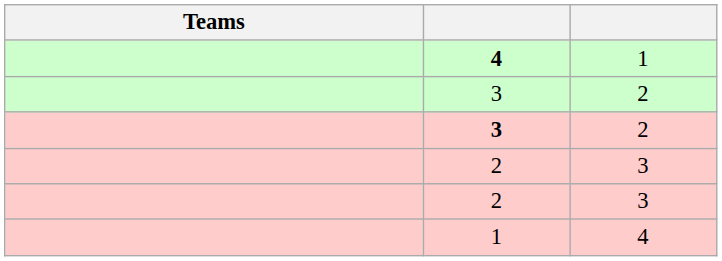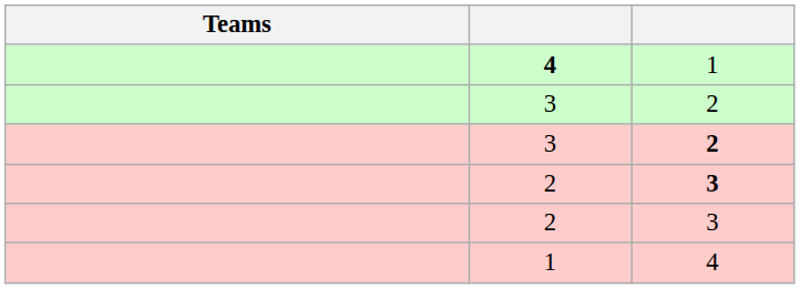 <table class="wikitable" width="40%" style="text-align:center;">
 <tr>
 <th width="20%">Teams</th>
 <th width="7%"></th>
 <th width="7%"></th>
 </tr>
 <tr bgcolor="#cfc">
 <td align=left></td>
 <td><strong>4</strong></td>
 <td>1</td>
 </tr>
 <tr bgcolor="#cfc">
 <td align=left></td>
 <td>3</td>
 <td>2</td>
 </tr>
 <tr bgcolor="#fcc">
 <td align=left></td>
-<td><strong>3</strong></td>
-<td>2</td>
+<td>3</td>
+<td><strong>2</strong></td>
 </tr>
 <tr bgcolor="#fcc">
 <td align=left></td>
 <td>2</td>
-<td>3</td>
+<td><strong>3</strong></td>
 </tr>
 <tr bgcolor="#fcc">
 <td align=left></td>
 <td>2</td>
 <td>3</td>
 </tr>
 <tr bgcolor="#fcc">
 <td align=left></td>
 <td>1</td>
 <td>4</td>
 </tr>
 </table>
